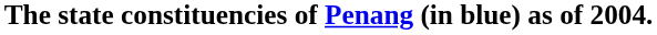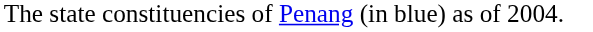 <table>
 <tr>
 <td></td>
 </tr>
 <tr>
-<td><strong>The state constituencies of <a href='#'>Penang</a> (in blue) as of 2004.</strong></td>
+<td>The state constituencies of <a href='#'>Penang</a> (in blue) as of 2004.</td>
 </tr>
 </table>
